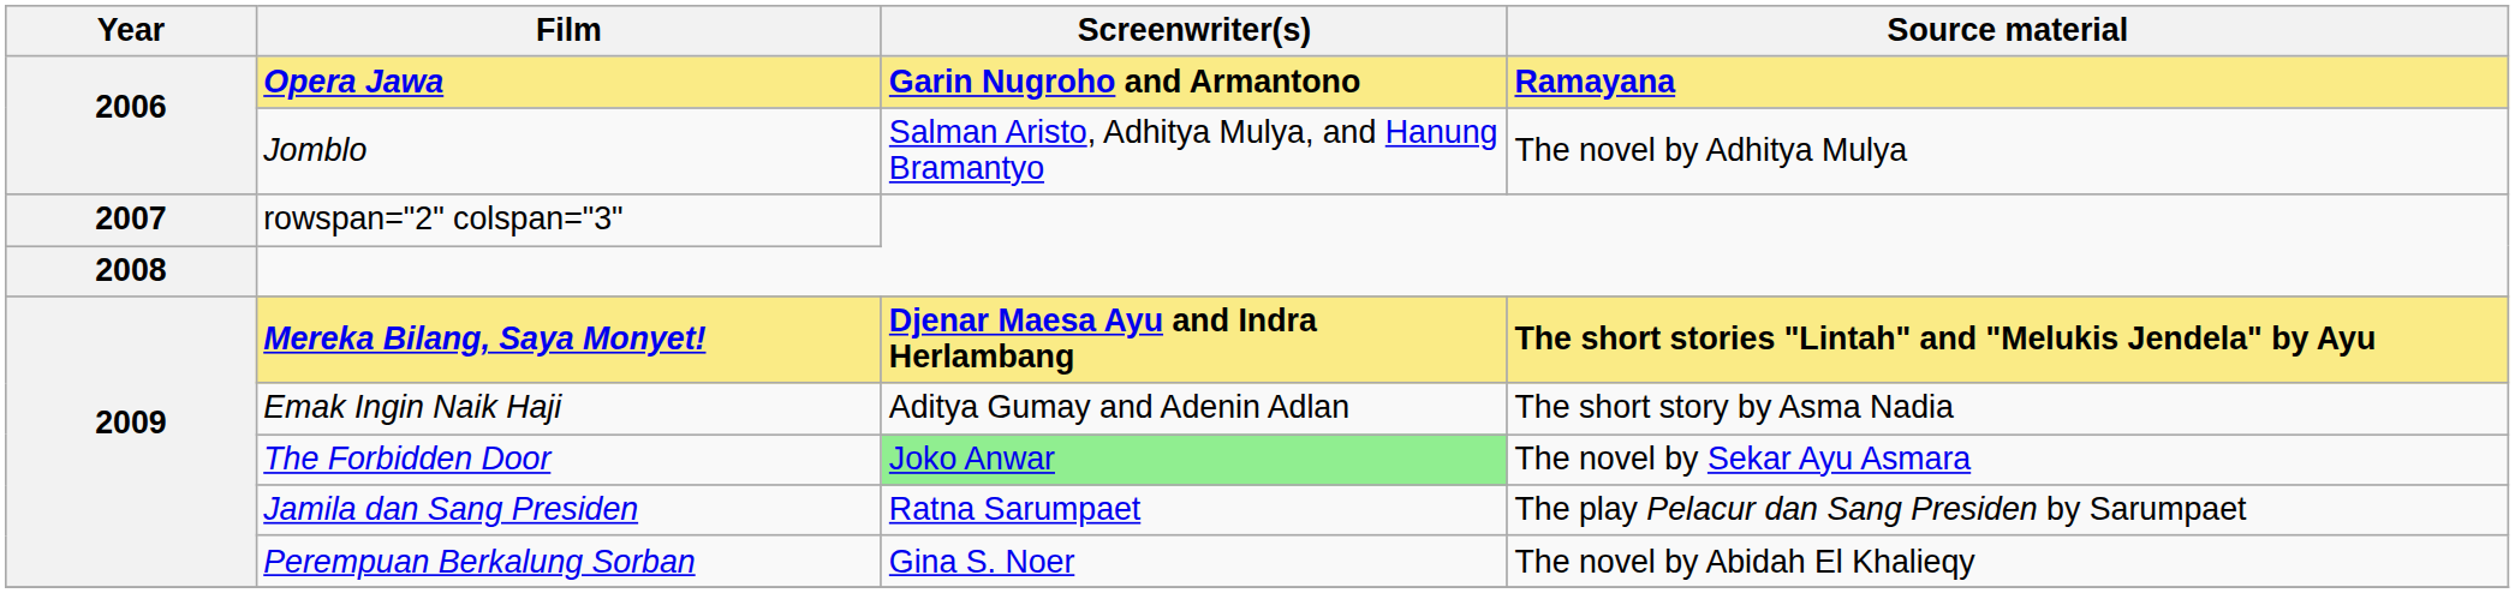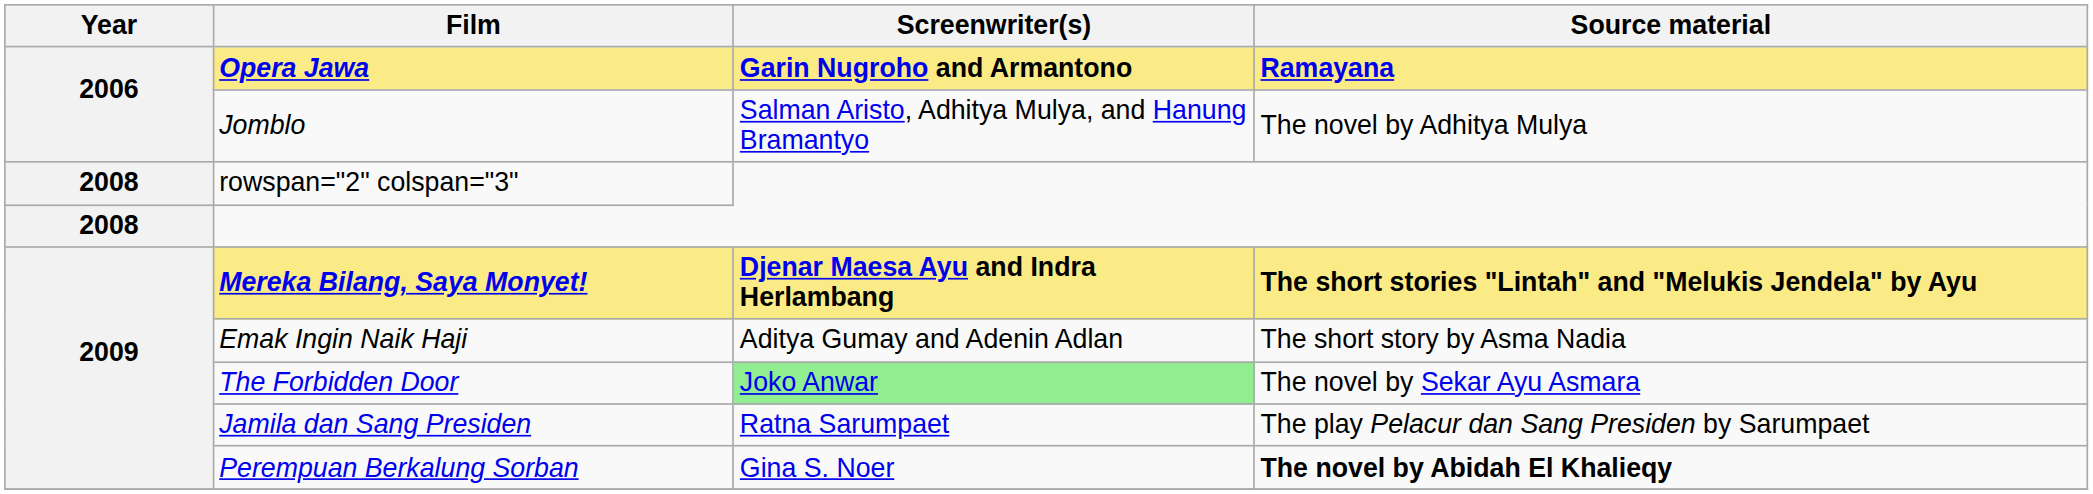 <table class="wikitable" rowspan=2 style="text-align: left;" border="2" cellpadding="4">
 <tr>
 <th width="10%">Year</th>
 <th width="25%">Film</th>
 <th width="25%">Screenwriter(s)</th>
 <th width="40%">Source material</th>
 </tr>
 <tr>
 <th style="text-align:center;" rowspan="2">2006<br><br></th>
 <td scope="row" style="background:#FAEB86;"><strong><em><a href='#'>Opera Jawa</a></em></strong></td>
 <td style="background:#FAEB86;"><strong><a href='#'>Garin Nugroho</a> and Armantono </strong></td>
 <td style="background:#FAEB86;"><strong><a href='#'>Ramayana</a></strong></td>
 </tr>
 <tr>
 <td><em>Jomblo</em></td>
 <td><a href='#'>Salman Aristo</a>, Adhitya Mulya, and <a href='#'>Hanung Bramantyo</a></td>
 <td>The novel by Adhitya Mulya</td>
 </tr>
 <tr>
-<th style="text-align:center;">2007<br></th>
+<th style="text-align:center;">2008<br></th>
 <td>rowspan="2" colspan="3" </td>
 </tr>
 <tr>
 <th style="text-align:center;">2008<br></th>
 </tr>
 <tr>
 <th style="text-align:center;" rowspan="5">2009<br><br></th>
 <td scope="row" style="background:#FAEB86;"><strong><em><a href='#'>Mereka Bilang, Saya Monyet!</a></em></strong></td>
 <td style="background:#FAEB86;"><strong><a href='#'>Djenar Maesa Ayu</a> and Indra Herlambang </strong></td>
 <td style="background:#FAEB86;"><strong>The short stories "Lintah" and "Melukis Jendela" by Ayu</strong></td>
 </tr>
 <tr>
 <td><em>Emak Ingin Naik Haji</em></td>
 <td>Aditya Gumay and Adenin Adlan</td>
 <td>The short story by Asma Nadia</td>
 </tr>
 <tr>
 <td><em><a href='#'>The Forbidden Door</a></em></td>
 <td style="background: lightgreen;"><a href='#'>Joko Anwar</a></td>
 <td>The novel by <a href='#'>Sekar Ayu Asmara</a></td>
 </tr>
 <tr>
 <td><em><a href='#'>Jamila dan Sang Presiden</a></em></td>
 <td><a href='#'>Ratna Sarumpaet</a></td>
 <td>The play <em>Pelacur dan Sang Presiden</em> by Sarumpaet</td>
 </tr>
 <tr>
 <td><em><a href='#'>Perempuan Berkalung Sorban</a></em></td>
 <td><a href='#'>Gina S. Noer</a></td>
-<td>The novel by Abidah El Khalieqy</td>
+<td><strong>The novel by Abidah El Khalieqy</strong></td>
 </tr>
 <tr>
 </tr>
 </table>
